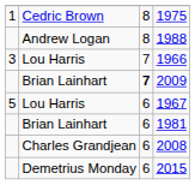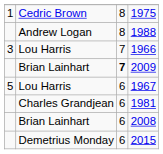 <table class="wikitable" style="display:inline-table;">
 <tr>
 </tr>
 <tr>
 <td>1</td>
 <td><a href='#'>Cedric Brown</a></td>
 <td>8</td>
 <td><a href='#'>1975</a></td>
 </tr>
 <tr>
 <td></td>
 <td>Andrew Logan</td>
 <td>8</td>
 <td><a href='#'>1988</a></td>
 </tr>
 <tr>
 <td>3</td>
 <td>Lou Harris</td>
 <td>7</td>
 <td><a href='#'>1966</a></td>
 </tr>
 <tr>
 <td></td>
 <td>Brian Lainhart</td>
 <td><strong>7</strong></td>
 <td><a href='#'>2009</a></td>
 </tr>
 <tr>
 <td>5</td>
 <td>Lou Harris</td>
 <td>6</td>
 <td><a href='#'>1967</a></td>
 </tr>
 <tr>
 <td></td>
-<td>Brian Lainhart</td>
+<td>Charles Grandjean</td>
 <td>6</td>
 <td><a href='#'>1981</a></td>
 </tr>
 <tr>
 <td></td>
-<td>Charles Grandjean</td>
+<td>Brian Lainhart</td>
 <td>6</td>
 <td><a href='#'>2008</a></td>
 </tr>
 <tr>
 <td></td>
 <td>Demetrius Monday</td>
 <td>6</td>
 <td><a href='#'>2015</a></td>
 </tr>
 </table>
